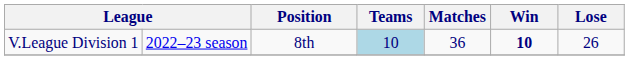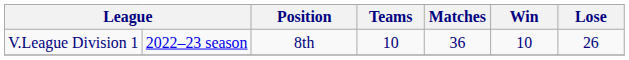 <table class="wikitable" style="color:#000080;text-align:center" border="1">
 <tr>
 <th width=200 colspan=2>League</th>
 <th width=100>Position</th>
 <th width=60>Teams</th>
 <th width=60>Matches</th>
 <th width=60>Win</th>
 <th width=60>Lose</th>
 </tr>
 <tr>
 <td rowspan=1>V.League Division 1</td>
 <td><a href='#'>2022–23 season</a></td>
 <td>8th</td>
-<td style="background: lightblue;">10</td>
+<td>10</td>
 <td>36</td>
-<td><strong>10</strong></td>
+<td>10</td>
 <td>26</td>
 </tr>
 <tr>
 </tr>
 </table>
